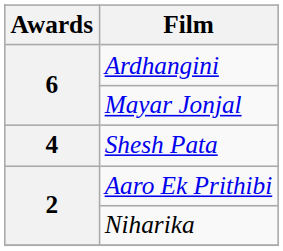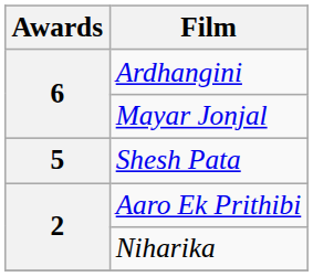 <table class="wikitable" style="display:inline-table;">
 <tr>
 <th>Awards</th>
 <th>Film</th>
 </tr>
 <tr>
 <th rowspan="2">6</th>
 <td><em><a href='#'>Ardhangini</a></em></td>
 </tr>
 <tr>
 <td><em><a href='#'>Mayar Jonjal</a></em></td>
 </tr>
 <tr>
-<th rowspan="1">4</th>
+<th rowspan="1">5</th>
 <td><em><a href='#'>Shesh Pata</a></em></td>
 </tr>
 <tr>
 <th rowspan="2">2</th>
 <td><em><a href='#'>Aaro Ek Prithibi</a></em></td>
 </tr>
 <tr>
 <td><em>Niharika</em></td>
 </tr>
 <tr>
 </tr>
 </table>
